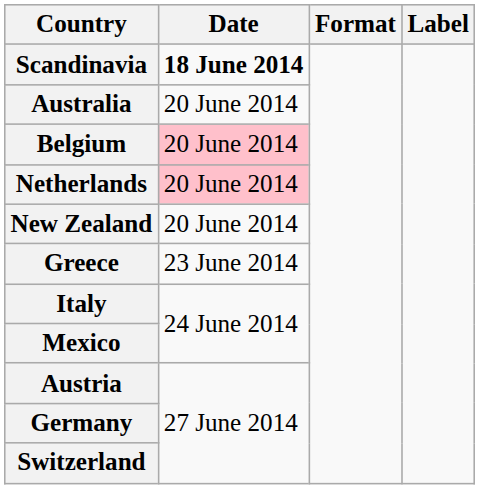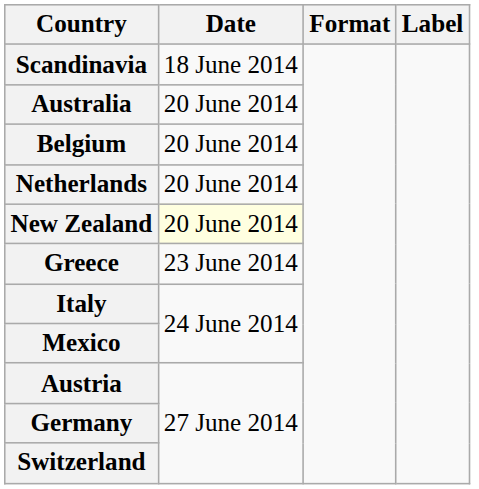 <table class="wikitable plainrowheaders">
 <tr>
 <th>Country</th>
 <th>Date</th>
 <th>Format</th>
 <th>Label</th>
 </tr>
 <tr>
 <th scope="row">Scandinavia</th>
-<td><strong>18 June 2014</strong></td>
+<td>18 June 2014</td>
 <td rowspan="11"></td>
 <td rowspan="11"></td>
 </tr>
 <tr>
 <th scope="row">Australia</th>
 <td>20 June 2014</td>
 </tr>
 <tr>
 <th scope="row">Belgium</th>
-<td style="background: pink;">20 June 2014</td>
+<td>20 June 2014</td>
 </tr>
 <tr>
 <th scope="row">Netherlands</th>
-<td style="background: pink;">20 June 2014</td>
+<td>20 June 2014</td>
 </tr>
 <tr>
 <th scope="row">New Zealand</th>
-<td>20 June 2014</td>
+<td style="background: lightyellow;">20 June 2014</td>
 </tr>
 <tr>
 <th scope="row">Greece</th>
 <td>23 June 2014</td>
 </tr>
 <tr>
 <th scope="row">Italy</th>
 <td rowspan="2">24 June 2014</td>
 </tr>
 <tr>
 <th scope="row">Mexico</th>
 </tr>
 <tr>
 <th scope="row">Austria</th>
 <td rowspan="3">27 June 2014</td>
 </tr>
 <tr>
 <th scope="row">Germany</th>
 </tr>
 <tr>
 <th scope="row">Switzerland</th>
 </tr>
 </table>
